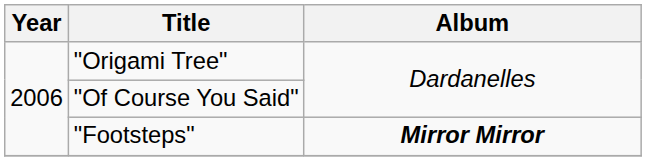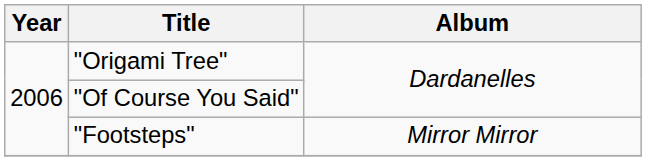 <table class="wikitable" style="text-align:center;">
 <tr>
 <th scope="col">Year</th>
 <th scope="col">Title</th>
 <th scope="col" width="220">Album</th>
 </tr>
 <tr>
 <td rowspan="3">2006</td>
 <td align="left">"Origami Tree"</td>
 <td rowspan="2"><em>Dardanelles</em></td>
 </tr>
 <tr>
 <td align="left">"Of Course You Said"</td>
 </tr>
 <tr>
 <td align="left">"Footsteps"</td>
-<td><strong><em>Mirror Mirror</em></strong></td>
+<td><em>Mirror Mirror</em></td>
 </tr>
 <tr>
 </tr>
 </table>
